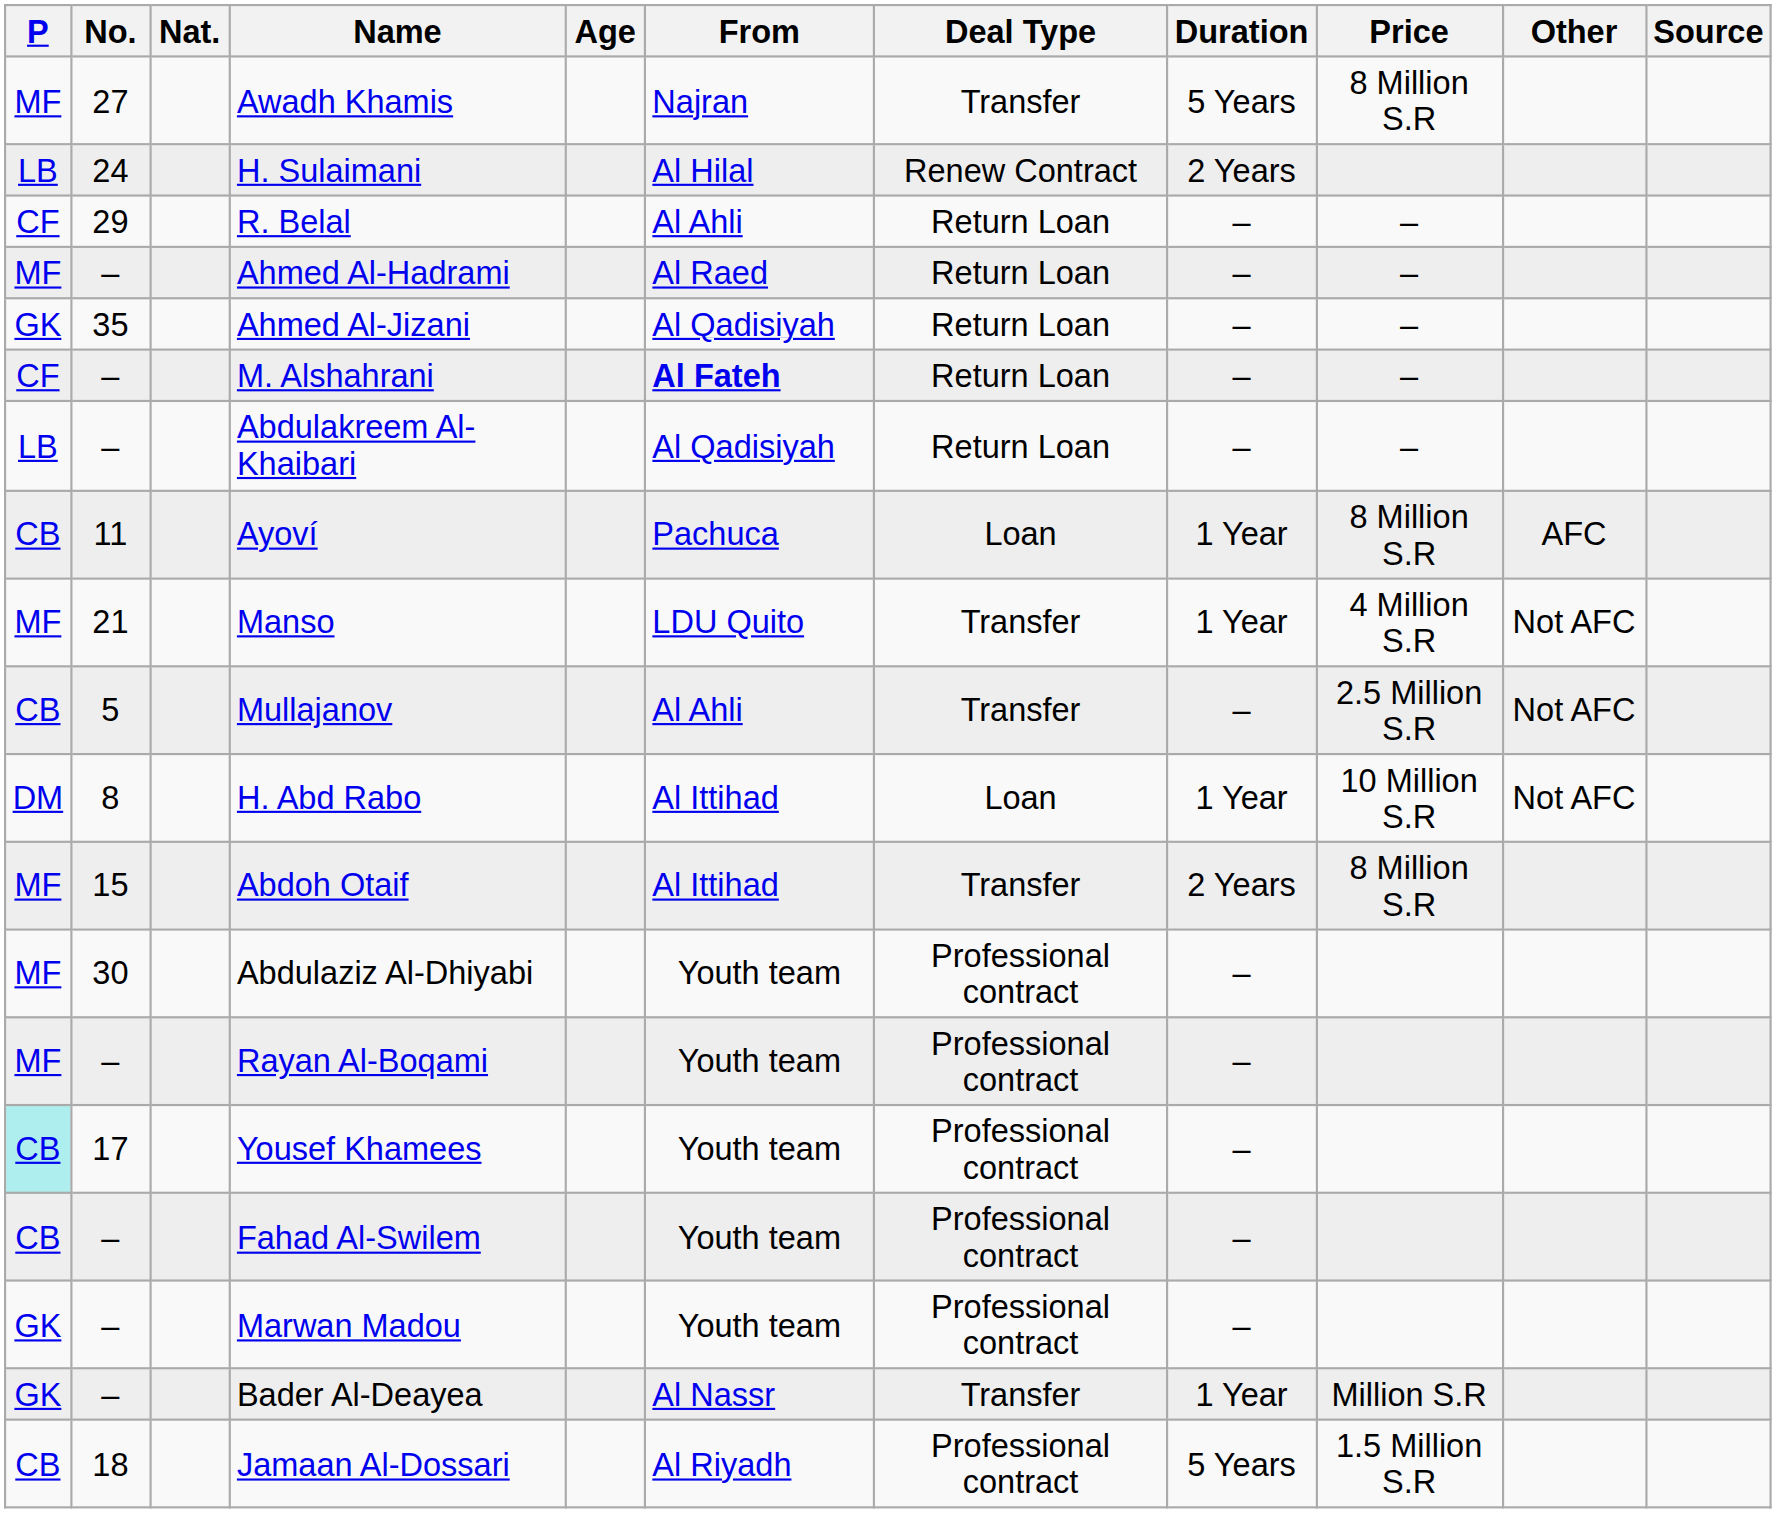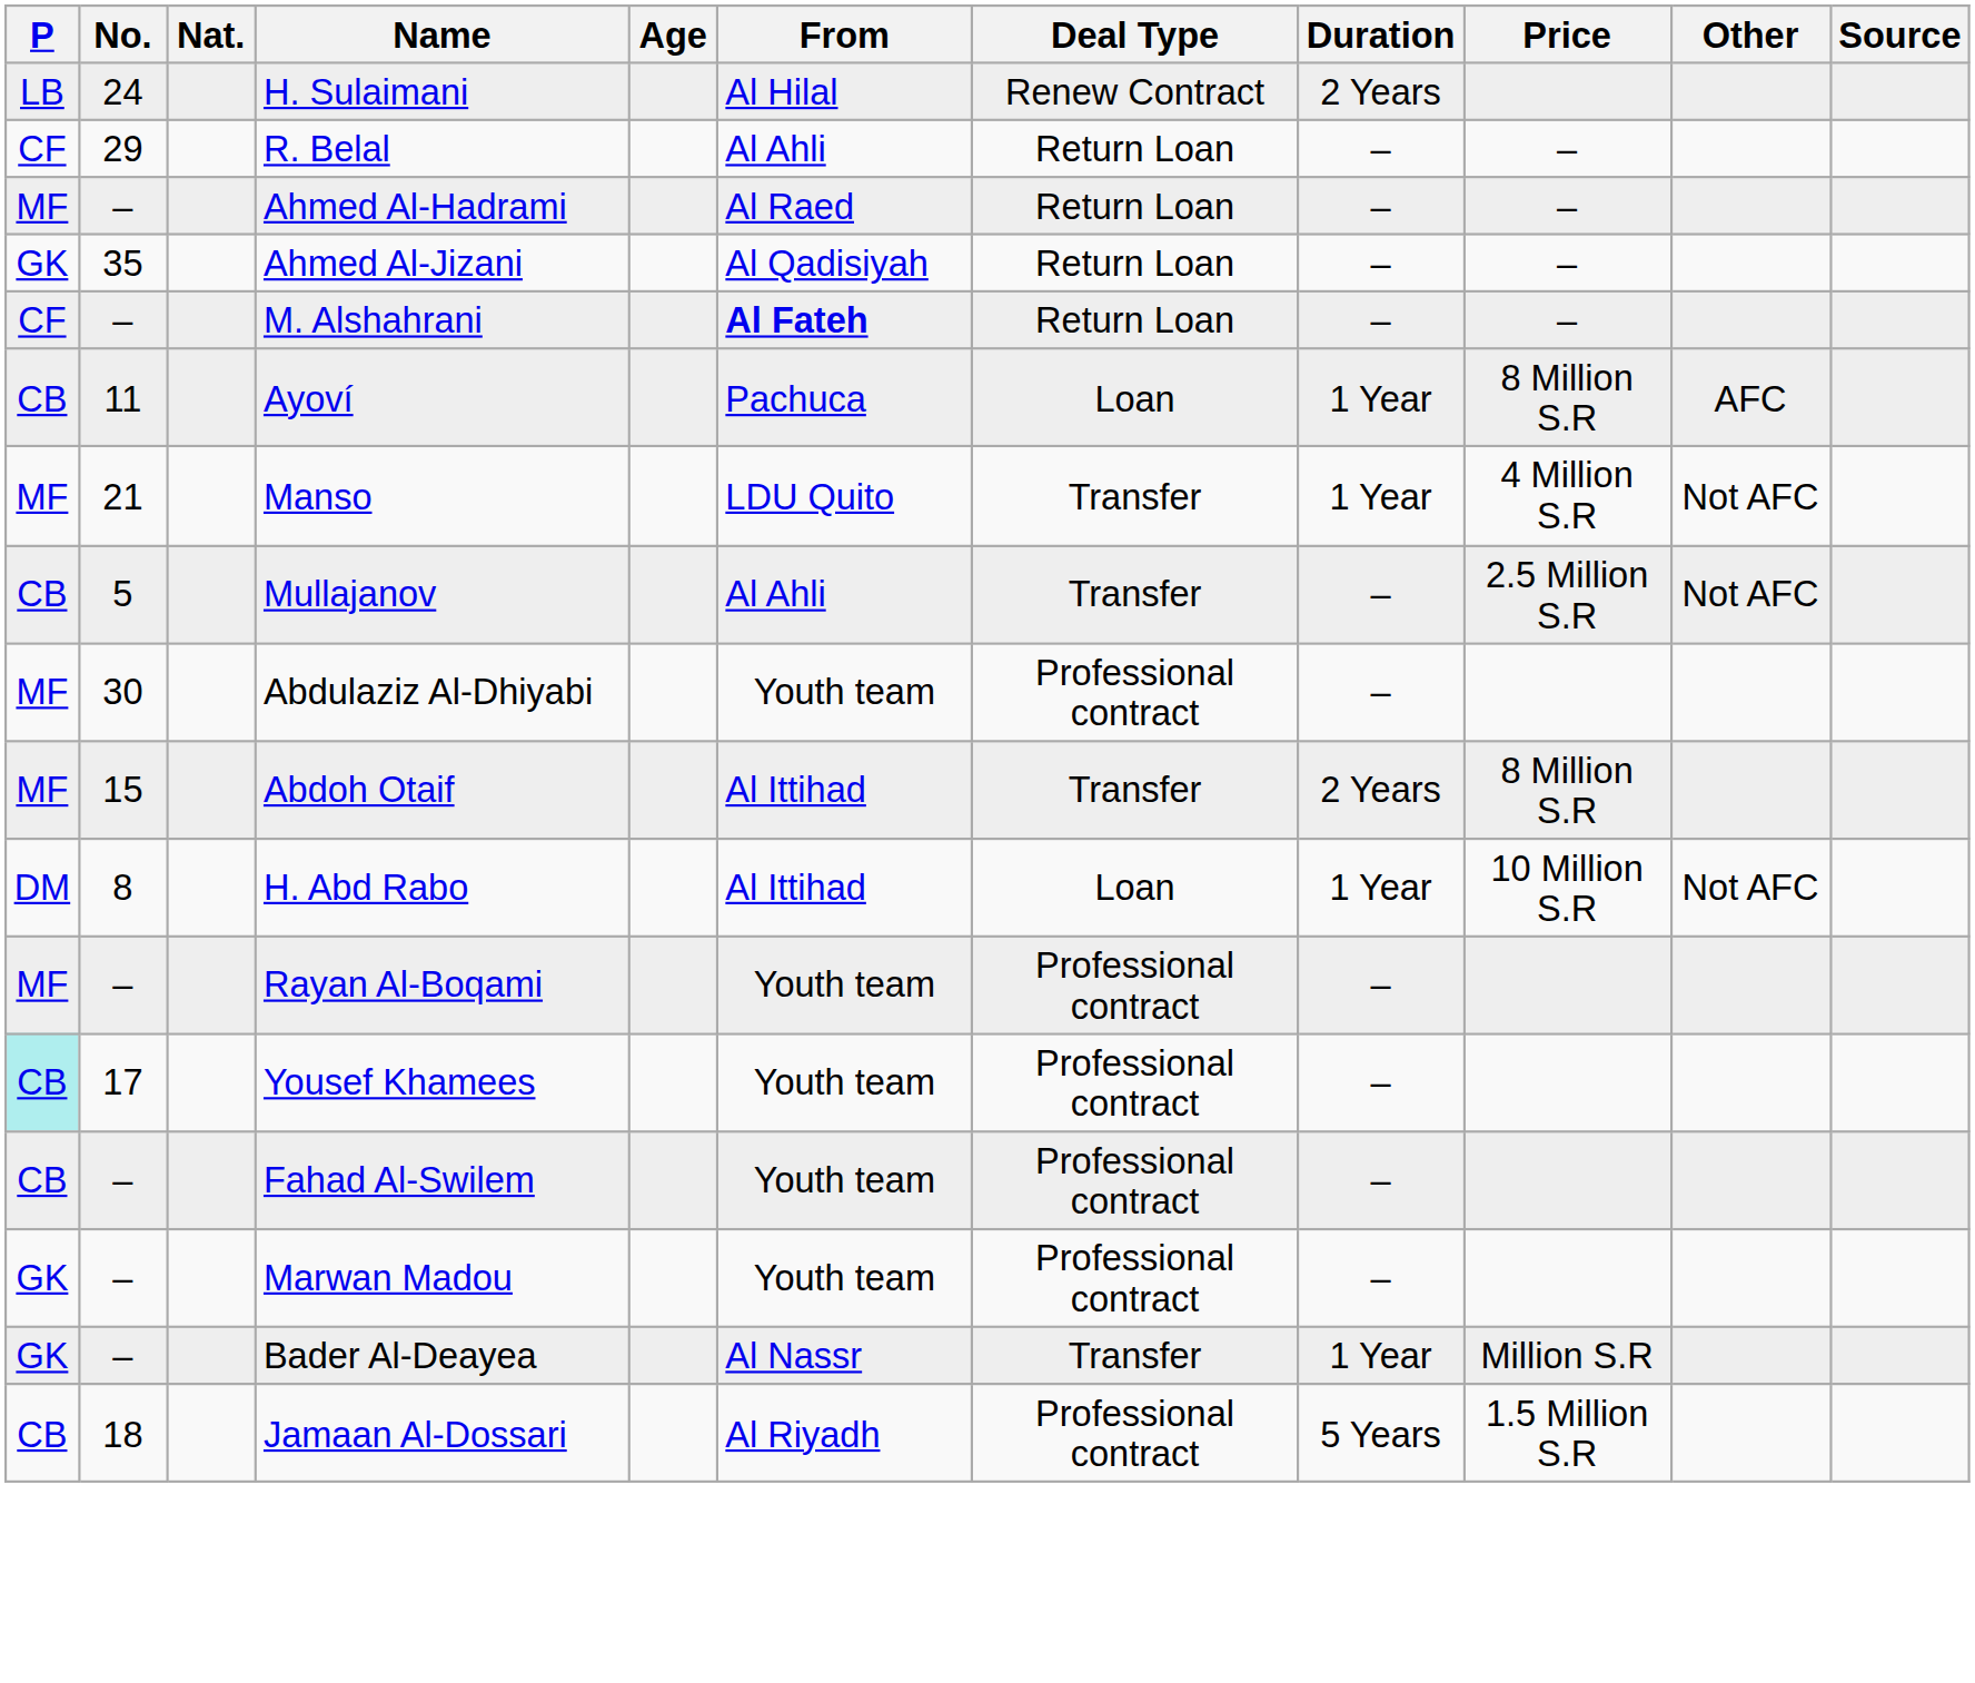 <table class="wikitable" style="font-size: 95%; text-align: center;">
 <tr>
 <th style="width:  20px;"><a href='#'>P</a></th>
 <th style="width:  30px;">No.</th>
 <th style="width:  30px;">Nat.</th>
 <th style="width: 150px;">Name</th>
 <th style="width:  30px;">Age</th>
 <th style="width: 100px;">From</th>
 <th style="width: 130px;">Deal Type</th>
 <th style="width:  60px;">Duration</th>
 <th style="width:  80px;">Price</th>
 <th style="width:  60px;">Other</th>
 <th style="width:  50px;">Source</th>
-</tr>
-<tr>
-<td><a href='#'>MF</a></td>
-<td>27</td>
-<td></td>
-<td align=left><a href='#'>Awadh Khamis</a></td>
-<td></td>
-<td align=left> <a href='#'>Najran</a></td>
-<td>Transfer</td>
-<td>5 Years</td>
-<td>8 Million S.R</td>
-<td></td>
-<td><br> </td>
 </tr>
 <tr bgcolor="#EEEEEE">
 <td><a href='#'>LB</a></td>
 <td>24</td>
 <td></td>
 <td align=left><a href='#'>H. Sulaimani</a></td>
 <td></td>
 <td align=left> <a href='#'>Al Hilal</a></td>
 <td>Renew Contract</td>
 <td>2 Years</td>
 <td></td>
 <td></td>
 <td><br></td>
 </tr>
 <tr>
 <td><a href='#'>CF</a></td>
 <td>29</td>
 <td></td>
 <td align=left><a href='#'>R. Belal</a></td>
 <td></td>
 <td align=left> <a href='#'>Al Ahli</a></td>
 <td>Return Loan</td>
 <td>–</td>
 <td>–</td>
 <td></td>
 <td></td>
 </tr>
 <tr bgcolor="#EEEEEE">
 <td><a href='#'>MF</a></td>
 <td>–</td>
 <td></td>
 <td align=left><a href='#'>Ahmed Al-Hadrami</a></td>
 <td></td>
 <td align=left> <a href='#'>Al Raed</a></td>
 <td>Return Loan</td>
 <td>–</td>
 <td>–</td>
 <td></td>
 <td></td>
 </tr>
 <tr>
 <td><a href='#'>GK</a></td>
 <td>35</td>
 <td></td>
 <td align=left><a href='#'>Ahmed Al-Jizani</a></td>
 <td></td>
 <td align=left> <a href='#'>Al Qadisiyah</a></td>
 <td>Return Loan</td>
 <td>–</td>
 <td>–</td>
 <td></td>
 <td></td>
 </tr>
 <tr bgcolor="#EEEEEE">
 <td><a href='#'>CF</a></td>
 <td>–</td>
 <td></td>
 <td align=left><a href='#'>M. Alshahrani</a></td>
 <td></td>
 <td align=left><strong> <a href='#'>Al Fateh</a></strong></td>
 <td>Return Loan</td>
 <td>–</td>
 <td>–</td>
 <td></td>
 <td></td>
 </tr>
-<tr>
-<td><a href='#'>LB</a></td>
-<td>–</td>
-<td></td>
-<td align=left><a href='#'>Abdulakreem Al-Khaibari</a></td>
-<td></td>
-<td align=left> <a href='#'>Al Qadisiyah</a></td>
-<td>Return Loan</td>
-<td>–</td>
-<td>–</td>
-<td></td>
-<td></td>
-</tr>
 <tr bgcolor="#EEEEEE">
 <td><a href='#'>CB</a></td>
 <td>11</td>
 <td></td>
 <td align=left><a href='#'>Ayoví</a></td>
 <td></td>
 <td align=left> <a href='#'>Pachuca</a></td>
 <td>Loan</td>
 <td>1 Year</td>
 <td>8 Million S.R</td>
 <td>AFC</td>
 <td></td>
 </tr>
 <tr>
 <td><a href='#'>MF</a></td>
 <td>21</td>
 <td></td>
 <td align=left><a href='#'>Manso</a></td>
 <td></td>
 <td align=left> <a href='#'>LDU Quito</a></td>
 <td>Transfer</td>
 <td>1 Year</td>
 <td>4 Million S.R</td>
 <td>Not AFC</td>
 <td></td>
 </tr>
 <tr bgcolor="#EEEEEE">
 <td><a href='#'>CB</a></td>
 <td>5</td>
 <td></td>
 <td align=left><a href='#'>Mullajanov</a></td>
 <td></td>
 <td align=left> <a href='#'>Al Ahli</a></td>
 <td>Transfer</td>
 <td>–</td>
 <td>2.5 Million S.R</td>
 <td>Not AFC</td>
 <td></td>
 </tr>
 <tr>
-<td><a href='#'>DM</a></td>
-<td>8</td>
+<td><a href='#'>MF</a></td>
+<td>30</td>
 <td></td>
-<td align=left><a href='#'>H. Abd Rabo</a></td>
+<td align=left>Abdulaziz Al-Dhiyabi</td>
 <td></td>
-<td align=left> <a href='#'>Al Ittihad</a></td>
-<td>Loan</td>
-<td>1 Year</td>
-<td>10 Million S.R</td>
-<td>Not AFC</td>
+<td>Youth team</td>
+<td>Professional contract</td>
+<td>–</td>
+<td></td>
+<td></td>
 <td></td>
 </tr>
 <tr bgcolor="#EEEEEE">
 <td><a href='#'>MF</a></td>
 <td>15</td>
 <td></td>
 <td align=left><a href='#'>Abdoh Otaif</a></td>
 <td></td>
 <td align=left> <a href='#'>Al Ittihad</a></td>
 <td>Transfer</td>
 <td>2 Years</td>
 <td>8 Million S.R</td>
 <td></td>
 <td></td>
 </tr>
 <tr>
-<td><a href='#'>MF</a></td>
-<td>30</td>
+<td><a href='#'>DM</a></td>
+<td>8</td>
 <td></td>
-<td align=left>Abdulaziz Al-Dhiyabi</td>
+<td align=left><a href='#'>H. Abd Rabo</a></td>
 <td></td>
-<td>Youth team</td>
-<td>Professional contract</td>
-<td>–</td>
-<td></td>
-<td></td>
+<td align=left> <a href='#'>Al Ittihad</a></td>
+<td>Loan</td>
+<td>1 Year</td>
+<td>10 Million S.R</td>
+<td>Not AFC</td>
 <td></td>
 </tr>
 <tr bgcolor="#EEEEEE">
 <td><a href='#'>MF</a></td>
 <td>–</td>
 <td></td>
 <td align=left><a href='#'>Rayan Al-Boqami</a></td>
 <td></td>
 <td>Youth team</td>
 <td>Professional contract</td>
 <td>–</td>
 <td></td>
 <td></td>
 <td></td>
 </tr>
 <tr>
 <td style="background: paleturquoise;"><a href='#'>CB</a></td>
 <td>17</td>
 <td></td>
 <td align=left><a href='#'>Yousef Khamees</a></td>
 <td></td>
 <td>Youth team</td>
 <td>Professional contract</td>
 <td>–</td>
 <td></td>
 <td></td>
 <td></td>
 </tr>
 <tr bgcolor="#EEEEEE">
 <td><a href='#'>CB</a></td>
 <td>–</td>
 <td></td>
 <td align=left><a href='#'>Fahad Al-Swilem</a></td>
 <td></td>
 <td>Youth team</td>
 <td>Professional contract</td>
 <td>–</td>
 <td></td>
 <td></td>
 <td></td>
 </tr>
 <tr>
 <td><a href='#'>GK</a></td>
 <td>–</td>
 <td></td>
 <td align=left><a href='#'>Marwan Madou</a></td>
 <td></td>
 <td>Youth team</td>
 <td>Professional contract</td>
 <td>–</td>
 <td></td>
 <td></td>
 <td></td>
 </tr>
 <tr bgcolor="#EEEEEE">
 <td><a href='#'>GK</a></td>
 <td>–</td>
 <td></td>
 <td align=left>Bader Al-Deayea</td>
 <td></td>
 <td align=left> <a href='#'>Al Nassr</a></td>
 <td>Transfer</td>
 <td>1 Year</td>
 <td>Million S.R</td>
 <td></td>
 <td></td>
 </tr>
 <tr>
 <td><a href='#'>CB</a></td>
 <td>18</td>
 <td></td>
 <td align=left><a href='#'>Jamaan Al-Dossari</a></td>
 <td></td>
 <td align=left> <a href='#'>Al Riyadh</a></td>
 <td>Professional contract</td>
 <td>5 Years</td>
 <td>1.5 Million S.R</td>
 <td></td>
 <td></td>
 </tr>
 </table>
